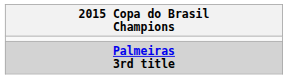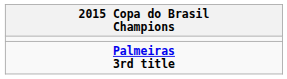 <table class="wikitable" style="text-align: center; margin: 0 auto; width: 20%">
 <tr>
 <th>2015 Copa do Brasil<br>Champions</th>
 </tr>
 <tr>
 <td></td>
 </tr>
 <tr>
-<td style="background: lightgrey;"><strong><a href='#'>Palmeiras</a></strong><br><strong>3rd title</strong></td>
+<td><strong><a href='#'>Palmeiras</a></strong><br><strong>3rd title</strong></td>
 </tr>
 </table>
